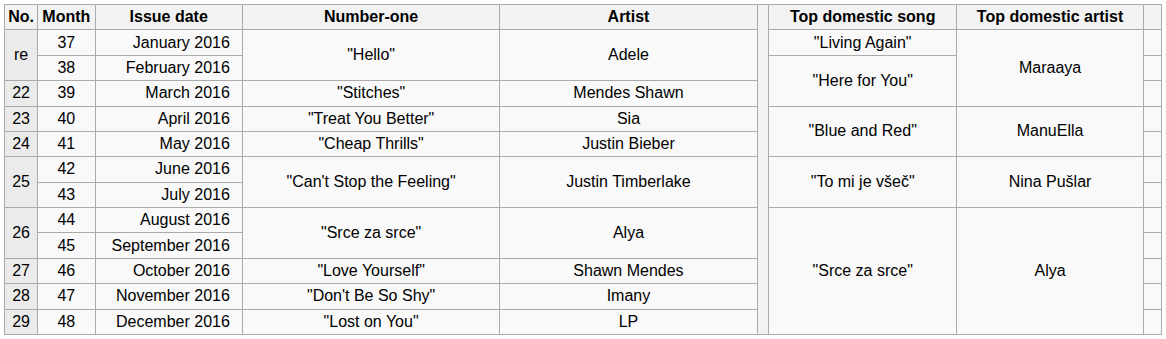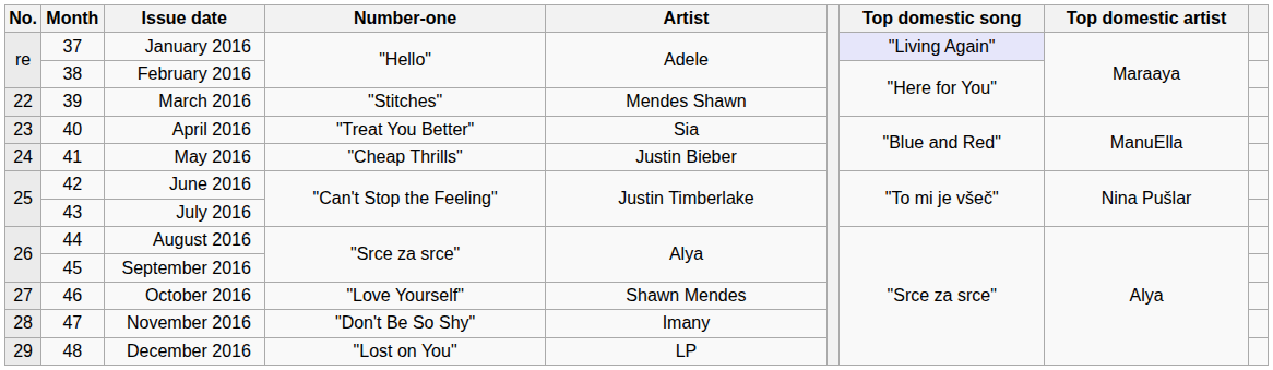 <table class="wikitable plainrowheaders" border-collapse:collapse;" text-align:center;">
 <tr>
 <th width=20>No.</th>
 <th width=50>Month</th>
 <th width=140>Issue date</th>
 <th width=250>Number-one</th>
 <th width=250>Artist</th>
 <th rowspan=13> </th>
 <th width=180>Top domestic song</th>
 <th width=180>Top domestic artist</th>
 <th width=10></th>
 </tr>
 <tr align=center>
 <td bgcolor=#EBEBEB align=center rowspan=2>re</td>
 <td align=center>37</td>
 <td align=right>January 2016  </td>
 <td rowspan=2>"Hello"</td>
 <td rowspan=2>Adele</td>
-<td>"Living Again"</td>
+<td style="background: lavender;">"Living Again"</td>
 <td rowspan=3>Maraaya</td>
 <td></td>
 </tr>
 <tr align=center>
 <td align=center>38</td>
 <td align=right>February 2016  </td>
 <td rowspan=2>"Here for You"</td>
 <td></td>
 </tr>
 <tr align=center>
 <td bgcolor=#EBEBEB align=center>22</td>
 <td align=center>39</td>
 <td align=right>March 2016  </td>
 <td>"Stitches"</td>
 <td>Mendes Shawn</td>
 <td></td>
 </tr>
 <tr align=center>
 <td bgcolor=#EBEBEB align=center>23</td>
 <td align=center>40</td>
 <td align=right>April 2016  </td>
 <td>"Treat You Better"</td>
 <td>Sia</td>
 <td rowspan=2>"Blue and Red"</td>
 <td rowspan=2>ManuElla</td>
 <td></td>
 </tr>
 <tr align=center>
 <td bgcolor=#EBEBEB align=center>24</td>
 <td align=center>41</td>
 <td align=right>May 2016  </td>
 <td>"Cheap Thrills"</td>
 <td>Justin Bieber</td>
 <td></td>
 </tr>
 <tr align=center>
 <td bgcolor=#EBEBEB align=center rowspan=2>25</td>
 <td align=center>42</td>
 <td align=right>June 2016  </td>
 <td rowspan=2>"Can't Stop the Feeling"</td>
 <td rowspan=2>Justin Timberlake</td>
 <td rowspan=2>"To mi je všeč"</td>
 <td rowspan=2>Nina Pušlar</td>
 <td></td>
 </tr>
 <tr align=center>
 <td align=center>43</td>
 <td align=right>July 2016  </td>
 <td></td>
 </tr>
 <tr align=center>
 <td bgcolor=#EBEBEB align=center rowspan=2>26</td>
 <td align=center>44</td>
 <td align=right>August 2016  </td>
 <td rowspan=2>"Srce za srce"</td>
 <td rowspan=2>Alya</td>
 <td rowspan=5>"Srce za srce"</td>
 <td rowspan=5>Alya</td>
 <td></td>
 </tr>
 <tr align=center>
 <td align=center>45</td>
 <td align=right>September 2016  </td>
 <td></td>
 </tr>
 <tr align=center>
 <td bgcolor=#EBEBEB align=center>27</td>
 <td align=center>46</td>
 <td align=right>October 2016  </td>
 <td>"Love Yourself"</td>
 <td>Shawn Mendes</td>
 <td></td>
 </tr>
 <tr align=center>
 <td bgcolor=#EBEBEB align=center>28</td>
 <td align=center>47</td>
 <td align=right>November 2016  </td>
 <td>"Don't Be So Shy"</td>
 <td>Imany</td>
 <td></td>
 </tr>
 <tr align=center>
 <td bgcolor=#EBEBEB align=center>29</td>
 <td align=center>48</td>
 <td align=right>December 2016  </td>
 <td>"Lost on You"</td>
 <td>LP</td>
 <td></td>
 </tr>
 </table>
